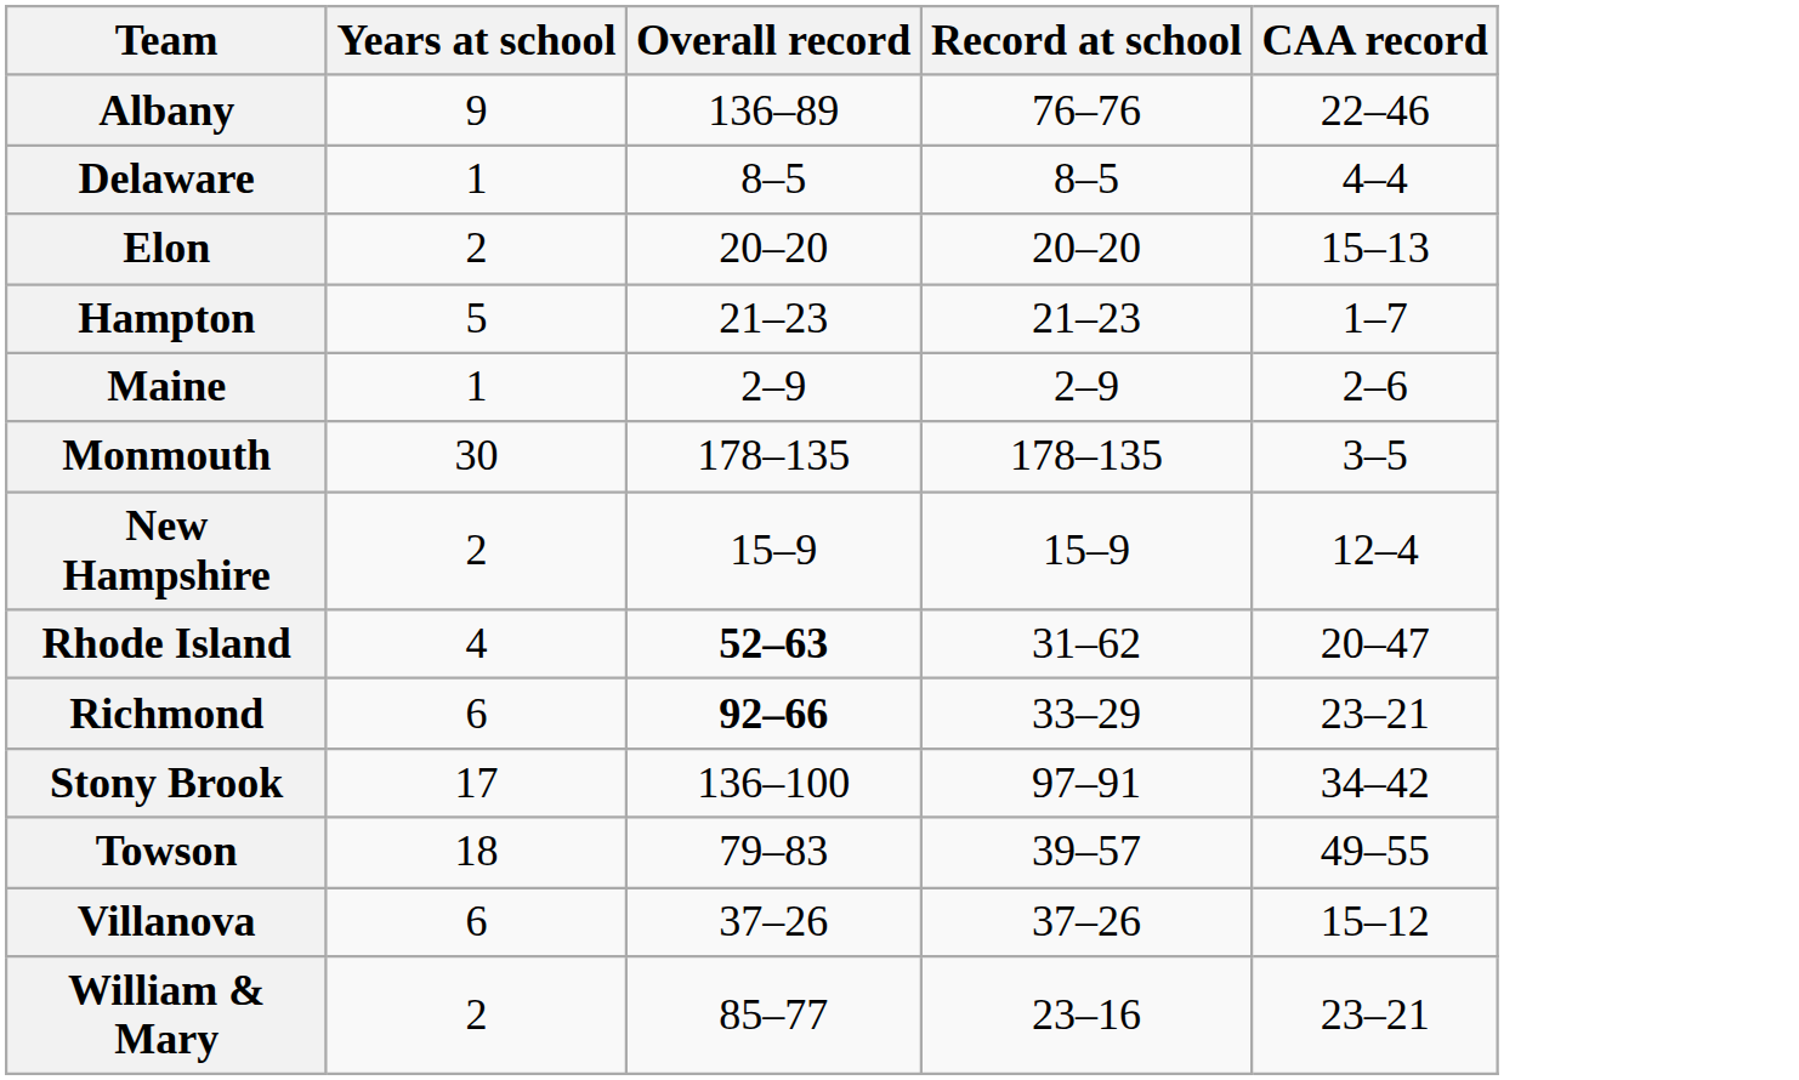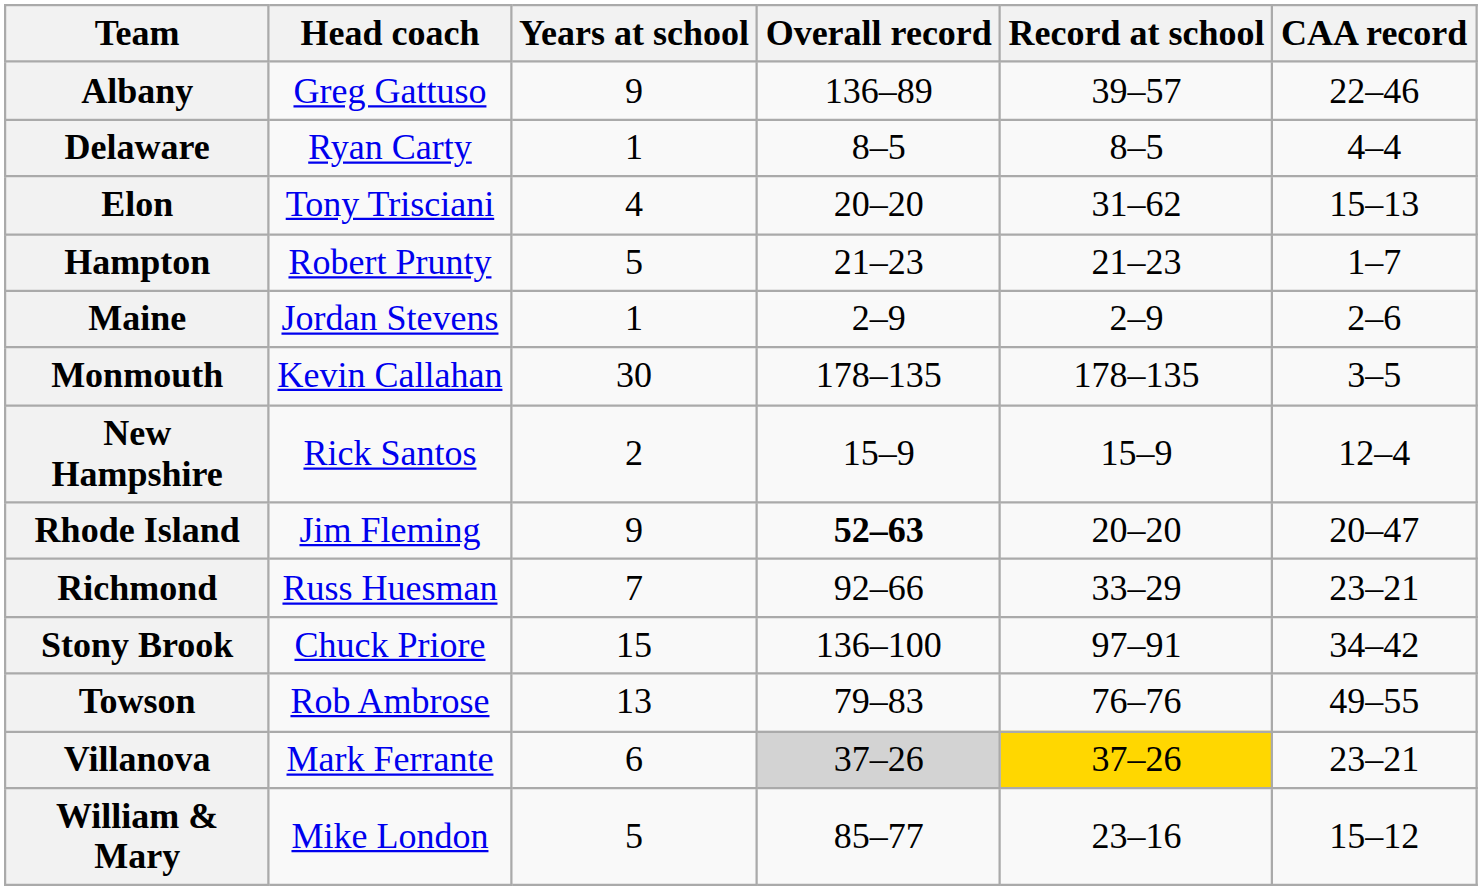 <table class="wikitable sortable" style="text-align: center;">
 <tr>
 <th style="width:110px;">Team</th>
+<th>Head coach</th>
 <th>Years at school</th>
 <th>Overall record</th>
 <th>Record at school</th>
 <th>CAA record</th>
 </tr>
 <tr>
 <th>Albany</th>
+<td><a href='#'>Greg Gattuso</a></td>
 <td>9</td>
 <td>136–89</td>
-<td>76–76</td>
+<td>39–57</td>
 <td>22–46</td>
 </tr>
 <tr>
 <th>Delaware</th>
+<td><a href='#'>Ryan Carty</a></td>
 <td>1</td>
 <td>8–5</td>
 <td>8–5</td>
 <td>4–4</td>
 </tr>
 <tr>
 <th>Elon</th>
-<td>2</td>
+<td><a href='#'>Tony Trisciani</a></td>
+<td>4</td>
 <td>20–20</td>
-<td>20–20</td>
+<td>31–62</td>
 <td>15–13</td>
 </tr>
 <tr>
 <th>Hampton</th>
+<td><a href='#'>Robert Prunty</a></td>
 <td>5</td>
 <td>21–23</td>
 <td>21–23</td>
 <td>1–7</td>
 </tr>
 <tr>
 <th>Maine</th>
+<td><a href='#'>Jordan Stevens</a></td>
 <td>1</td>
 <td>2–9</td>
 <td>2–9</td>
 <td>2–6</td>
 </tr>
 <tr>
 <th>Monmouth</th>
+<td><a href='#'>Kevin Callahan</a></td>
 <td>30</td>
 <td>178–135</td>
 <td>178–135</td>
 <td>3–5</td>
 </tr>
 <tr>
 <th>New Hampshire</th>
+<td><a href='#'>Rick Santos</a></td>
 <td>2</td>
 <td>15–9</td>
 <td>15–9</td>
 <td>12–4</td>
 </tr>
 <tr>
 <th>Rhode Island</th>
-<td>4</td>
+<td><a href='#'>Jim Fleming</a></td>
+<td>9</td>
 <td><strong>52–63</strong></td>
-<td>31–62</td>
+<td>20–20</td>
 <td>20–47</td>
 </tr>
 <tr>
 <th>Richmond</th>
-<td>6</td>
-<td><strong>92–66</strong></td>
+<td><a href='#'>Russ Huesman</a></td>
+<td>7</td>
+<td>92–66</td>
 <td>33–29</td>
 <td>23–21</td>
 </tr>
 <tr>
 <th>Stony Brook</th>
-<td>17</td>
+<td><a href='#'>Chuck Priore</a></td>
+<td>15</td>
 <td>136–100</td>
 <td>97–91</td>
 <td>34–42</td>
 </tr>
 <tr>
 <th>Towson</th>
-<td>18</td>
+<td><a href='#'>Rob Ambrose</a></td>
+<td>13</td>
 <td>79–83</td>
-<td>39–57</td>
+<td>76–76</td>
 <td>49–55</td>
 </tr>
 <tr>
 <th>Villanova</th>
+<td><a href='#'>Mark Ferrante</a></td>
 <td>6</td>
-<td>37–26</td>
-<td>37–26</td>
-<td>15–12</td>
+<td style="background: lightgrey;">37–26</td>
+<td style="background: gold;">37–26</td>
+<td>23–21</td>
 </tr>
 <tr>
 <th>William & Mary</th>
-<td>2</td>
+<td><a href='#'>Mike London</a></td>
+<td>5</td>
 <td>85–77</td>
 <td>23–16</td>
-<td>23–21</td>
+<td>15–12</td>
 </tr>
 </table>
